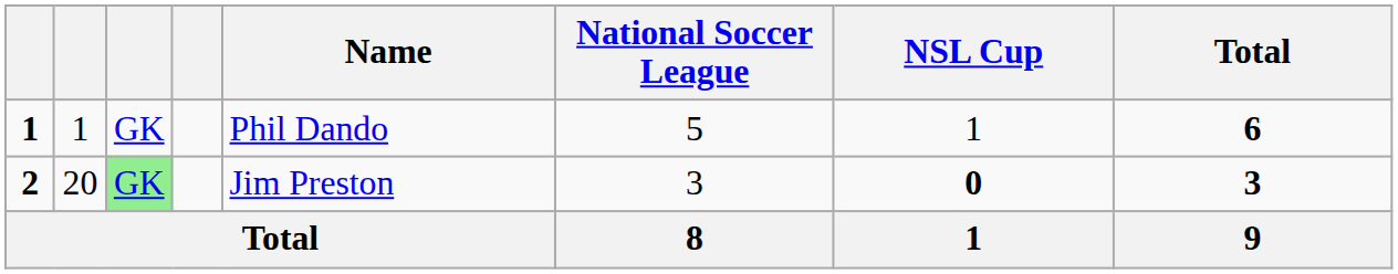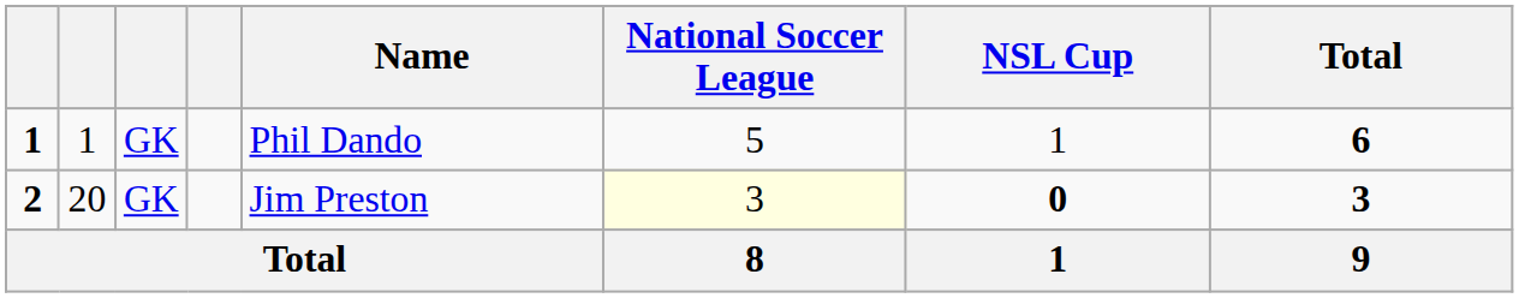 <table class="wikitable" style="text-align:center">
 <tr>
 <th width=15></th>
 <th width=15></th>
 <th width=15></th>
 <th width=15></th>
 <th width=145>Name</th>
 <th width=120><a href='#'>National Soccer League</a></th>
 <th width=120><a href='#'>NSL Cup</a></th>
 <th width=120>Total</th>
 </tr>
 <tr>
 <td><strong>1</strong></td>
 <td>1</td>
 <td><a href='#'>GK</a></td>
 <td></td>
 <td align=left><a href='#'>Phil Dando</a></td>
 <td>5</td>
 <td>1</td>
 <td><strong>6</strong></td>
 </tr>
 <tr>
 <td><strong>2</strong></td>
 <td>20</td>
-<td style="background: lightgreen;"><a href='#'>GK</a></td>
+<td><a href='#'>GK</a></td>
 <td></td>
 <td align=left><a href='#'>Jim Preston</a></td>
-<td>3</td>
+<td style="background: lightyellow;">3</td>
 <td><strong>0</strong></td>
 <td><strong>3</strong></td>
 </tr>
 <tr>
 <th colspan="5"><strong>Total</strong></th>
 <th>8</th>
 <th>1</th>
 <th>9</th>
 </tr>
 </table>
